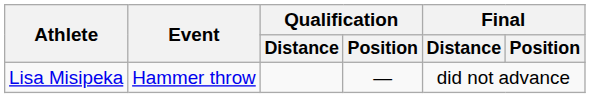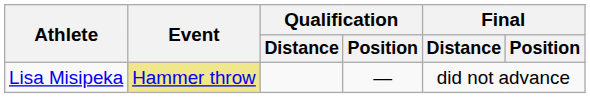 <table class=wikitable style="font-size:90%">
 <tr>
 <th rowspan="2">Athlete</th>
 <th rowspan="2">Event</th>
 <th colspan="2">Qualification</th>
 <th colspan="2">Final</th>
 </tr>
 <tr style="font-size:95%">
 <th>Distance</th>
 <th>Position</th>
 <th>Distance</th>
 <th>Position</th>
 </tr>
 <tr align=center>
 <td align=left><a href='#'>Lisa Misipeka</a></td>
-<td align=left><a href='#'>Hammer throw</a></td>
+<td align=left style="background: khaki;"><a href='#'>Hammer throw</a></td>
 <td></td>
 <td>—</td>
 <td colspan=2>did not advance</td>
 </tr>
 </table>
